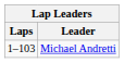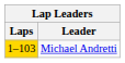 <table class="wikitable">
 <tr>
 <th colspan=2>Lap Leaders</th>
 </tr>
 <tr>
 <th>Laps</th>
 <th>Leader</th>
 </tr>
 <tr>
-<td>1–103</td>
+<td style="background: gold;">1–103</td>
 <td><a href='#'>Michael Andretti</a></td>
 </tr>
 </table>
